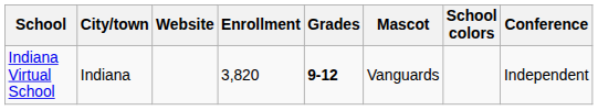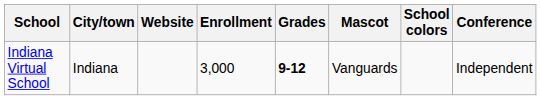 <table class="wikitable sortable" width="70%">
 <tr>
 <th width="20%">School</th>
 <th width="08%">City/town</th>
 <th width="06%">Website</th>
 <th width="04%">Enrollment</th>
 <th width="04%">Grades</th>
 <th width="04%">Mascot</th>
 <th width=01%>School colors</th>
 <th width="04%">Conference</th>
 </tr>
 <tr>
 <td><a href='#'>Indiana Virtual School</a></td>
 <td>Indiana</td>
 <td></td>
-<td>3,820</td>
+<td>3,000</td>
 <td><strong>9-12</strong></td>
 <td>Vanguards</td>
 <td> </td>
 <td>Independent</td>
 </tr>
 </table>
